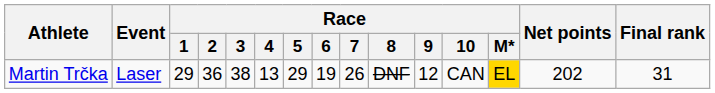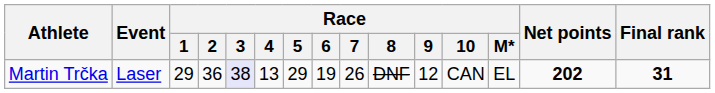 <table class="wikitable" style="font-size:90%">
 <tr>
 <th rowspan=2>Athlete</th>
 <th rowspan=2>Event</th>
 <th colspan=11>Race</th>
 <th rowspan=2>Net points</th>
 <th rowspan=2>Final rank</th>
 </tr>
 <tr style="font-size:95%">
 <th>1</th>
 <th>2</th>
 <th>3</th>
 <th>4</th>
 <th>5</th>
 <th>6</th>
 <th>7</th>
 <th>8</th>
 <th>9</th>
 <th>10</th>
 <th>M*</th>
 </tr>
 <tr align=center>
 <td align=left><a href='#'>Martin Trčka</a></td>
 <td align=left><a href='#'>Laser</a></td>
 <td>29</td>
 <td>36</td>
-<td>38</td>
+<td style="background: lavender;">38</td>
 <td>13</td>
 <td>29</td>
 <td>19</td>
 <td>26</td>
 <td><s>DNF</s></td>
 <td>12</td>
 <td>CAN</td>
-<td style="background: gold;">EL</td>
-<td>202</td>
-<td>31</td>
+<td>EL</td>
+<td><strong>202</strong></td>
+<td><strong>31</strong></td>
 </tr>
 </table>
